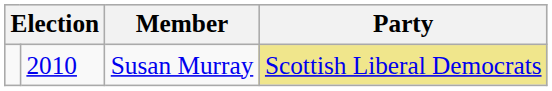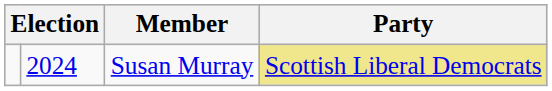 <table class="wikitable">
 <tr>
 <th colspan="2">Election</th>
 <th>Member</th>
 <th>Party</th>
 </tr>
 <tr>
 <td style="color:inherit;background-color: "></td>
-<td><a href='#'>2010</a></td>
+<td><a href='#'>2024</a></td>
 <td><a href='#'>Susan Murray</a></td>
 <td style="background: khaki;"><a href='#'>Scottish Liberal Democrats</a></td>
 </tr>
 </table>
